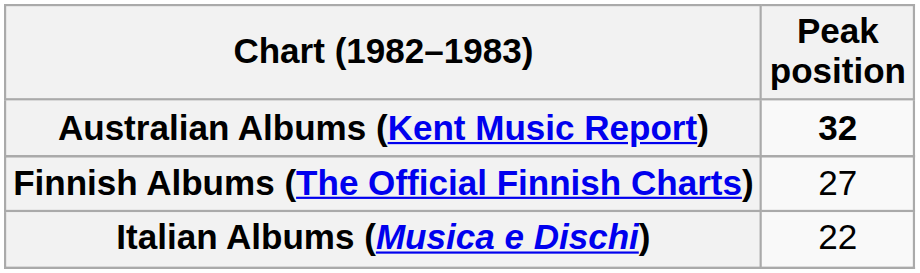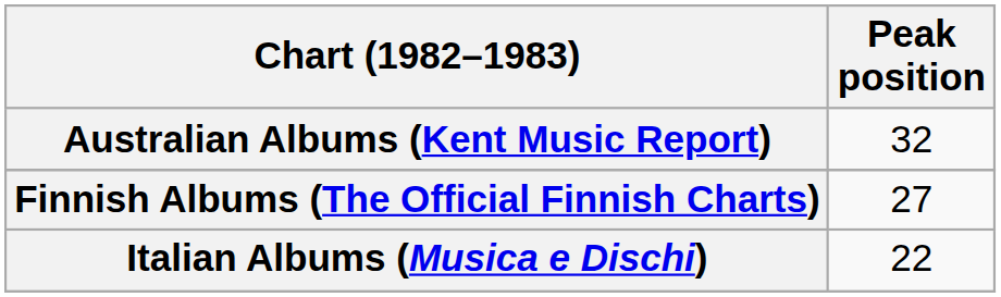 <table class="wikitable sortable plainrowheaders">
 <tr>
 <th scope="col">Chart (1982–1983)</th>
 <th scope="col">Peak<br>position</th>
 </tr>
 <tr>
 <th scope="row">Australian Albums (<a href='#'>Kent Music Report</a>)</th>
-<td align="center"><strong>32</strong></td>
+<td align="center">32</td>
 </tr>
 <tr>
 </tr>
 <tr>
 </tr>
 <tr>
 <th scope="row">Finnish Albums (<a href='#'>The Official Finnish Charts</a>)</th>
 <td align="center">27</td>
 </tr>
 <tr>
 <th scope="row">Italian Albums (<em><a href='#'>Musica e Dischi</a></em>)</th>
 <td align="center">22</td>
 </tr>
 <tr>
 </tr>
 <tr>
 </tr>
 <tr>
 </tr>
 <tr>
 </tr>
 <tr>
 </tr>
 </table>
